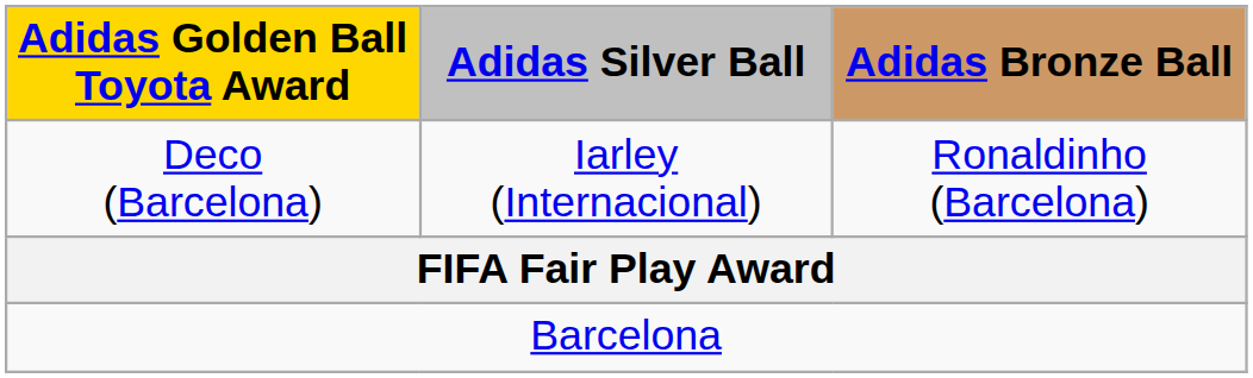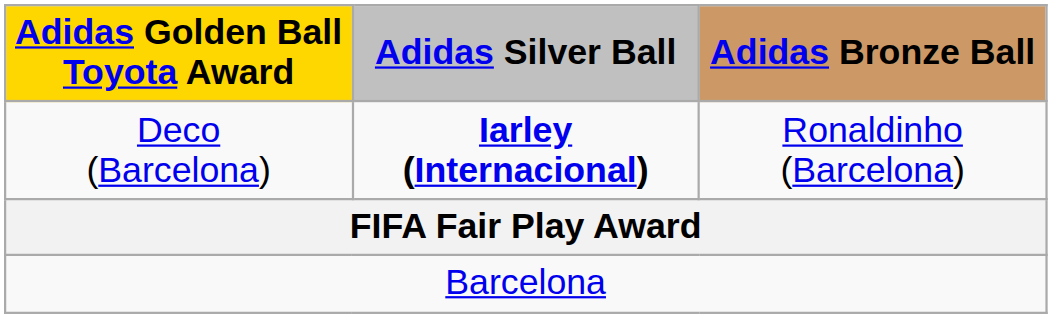 <table class="wikitable" style="text-align:center">
 <tr>
 <th style="background:gold; width:33%"><a href='#'>Adidas</a> Golden Ball<br><a href='#'>Toyota</a> Award</th>
 <th style="background:silver; width:33%"><a href='#'>Adidas</a> Silver Ball</th>
 <th style="background:#CC9966; width:33%"><a href='#'>Adidas</a> Bronze Ball</th>
 </tr>
 <tr>
 <td> <a href='#'>Deco</a><br>(<a href='#'>Barcelona</a>)</td>
-<td> <a href='#'>Iarley</a><br>(<a href='#'>Internacional</a>)</td>
+<td><strong> <a href='#'>Iarley</a><br>(<a href='#'>Internacional</a>)</strong></td>
 <td> <a href='#'>Ronaldinho</a><br>(<a href='#'>Barcelona</a>)</td>
 </tr>
 <tr>
 <th colspan="3">FIFA Fair Play Award</th>
 </tr>
 <tr>
 <td colspan="3"> <a href='#'>Barcelona</a></td>
 </tr>
 </table>
